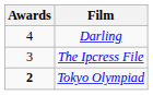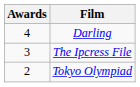 <table class="wikitable" style="text-align:center;">
 <tr>
 <th style="background:">Awards</th>
 <th style="background:">Film</th>
 </tr>
 <tr>
 <td>4</td>
 <td><em><a href='#'>Darling</a></em></td>
 </tr>
 <tr>
 <td>3</td>
 <td><em><a href='#'>The Ipcress File</a></em></td>
 </tr>
 <tr>
-<td><strong>2</strong></td>
+<td>2</td>
 <td><em><a href='#'>Tokyo Olympiad</a></em></td>
 </tr>
 </table>
